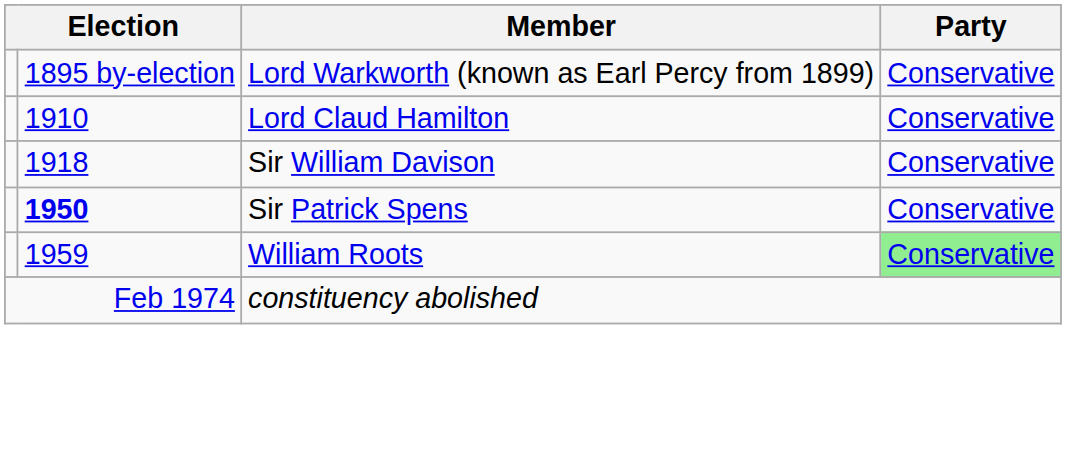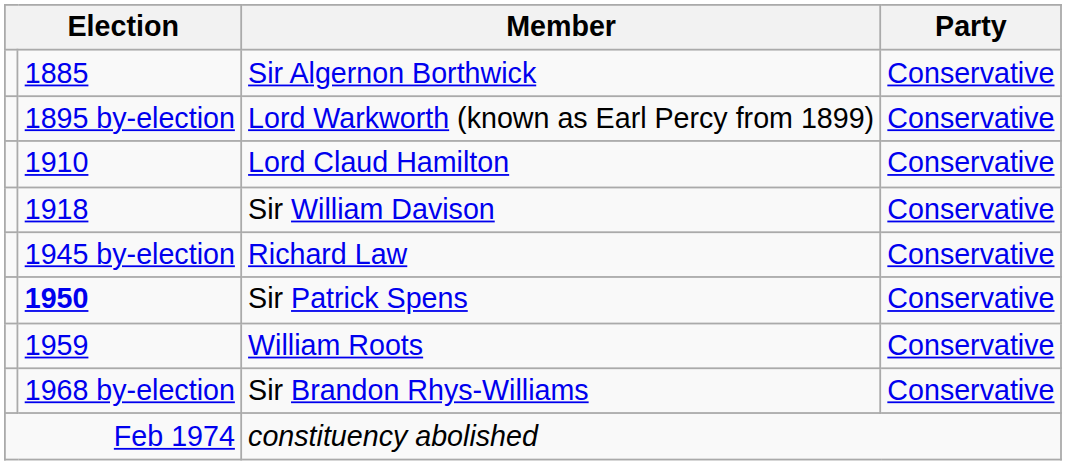 <table class="wikitable">
 <tr>
 <th colspan="2">Election</th>
 <th>Member</th>
 <th>Party</th>
+</tr>
+<tr>
+<td style="color:inherit;background-color: "></td>
+<td><a href='#'>1885</a></td>
+<td><a href='#'>Sir Algernon Borthwick</a></td>
+<td><a href='#'>Conservative</a></td>
 </tr>
 <tr>
 <td style="color:inherit;background-color: "></td>
 <td><a href='#'>1895 by-election</a></td>
 <td><a href='#'>Lord Warkworth</a> (known as Earl Percy from 1899)</td>
 <td><a href='#'>Conservative</a></td>
 </tr>
 <tr>
 <td style="color:inherit;background-color: "></td>
 <td><a href='#'>1910</a></td>
 <td><a href='#'>Lord Claud Hamilton</a></td>
 <td><a href='#'>Conservative</a></td>
 </tr>
 <tr>
 <td style="color:inherit;background-color: "></td>
 <td><a href='#'>1918</a></td>
 <td>Sir <a href='#'>William Davison</a></td>
 <td><a href='#'>Conservative</a></td>
 </tr>
 <tr>
 <td style="color:inherit;background-color: "></td>
+<td><a href='#'>1945 by-election</a></td>
+<td><a href='#'>Richard Law</a></td>
+<td><a href='#'>Conservative</a></td>
+</tr>
+<tr>
+<td style="color:inherit;background-color: "></td>
 <td><strong><a href='#'>1950</a></strong></td>
 <td>Sir <a href='#'>Patrick Spens</a></td>
 <td><a href='#'>Conservative</a></td>
 </tr>
 <tr>
 <td style="color:inherit;background-color: "></td>
 <td><a href='#'>1959</a></td>
 <td><a href='#'>William Roots</a></td>
-<td style="background: lightgreen;"><a href='#'>Conservative</a></td>
+<td><a href='#'>Conservative</a></td>
+</tr>
+<tr>
+<td style="color:inherit;background-color: "></td>
+<td><a href='#'>1968 by-election</a></td>
+<td>Sir <a href='#'>Brandon Rhys-Williams</a></td>
+<td><a href='#'>Conservative</a></td>
 </tr>
 <tr>
 <td colspan="2" align="right"><a href='#'>Feb 1974</a></td>
 <td colspan="2"><em>constituency abolished</em></td>
 </tr>
 </table>
